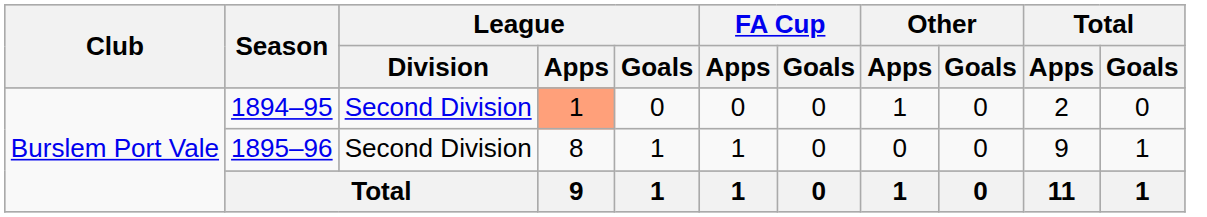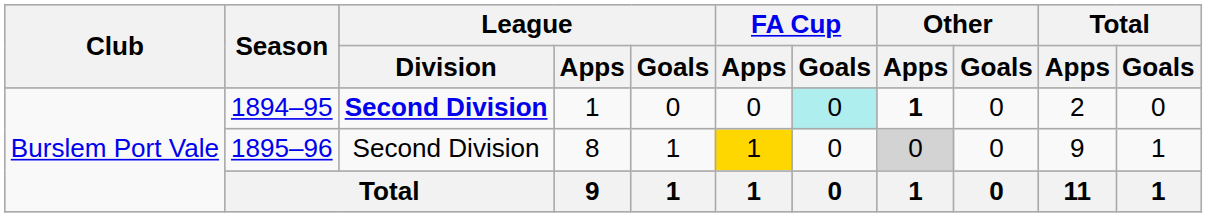 <table class="wikitable" style="text-align:center">
 <tr>
 <th rowspan="2">Club</th>
 <th rowspan="2">Season</th>
 <th colspan="3">League</th>
 <th colspan="2"><a href='#'>FA Cup</a></th>
 <th colspan="2">Other</th>
 <th colspan="2">Total</th>
 </tr>
 <tr>
 <th>Division</th>
 <th>Apps</th>
 <th>Goals</th>
 <th>Apps</th>
 <th>Goals</th>
 <th>Apps</th>
 <th>Goals</th>
 <th>Apps</th>
 <th>Goals</th>
 </tr>
 <tr>
 <td rowspan="3"><a href='#'>Burslem Port Vale</a></td>
 <td><a href='#'>1894–95</a></td>
-<td><a href='#'>Second Division</a></td>
-<td style="background: lightsalmon;">1</td>
+<td><strong><a href='#'>Second Division</a></strong></td>
+<td>1</td>
 <td>0</td>
 <td>0</td>
-<td>0</td>
-<td>1</td>
+<td style="background: paleturquoise;">0</td>
+<td><strong>1</strong></td>
 <td>0</td>
 <td>2</td>
 <td>0</td>
 </tr>
 <tr>
 <td><a href='#'>1895–96</a></td>
 <td>Second Division</td>
 <td>8</td>
 <td>1</td>
-<td>1</td>
+<td style="background: gold;">1</td>
 <td>0</td>
-<td>0</td>
+<td style="background: lightgrey;">0</td>
 <td>0</td>
 <td>9</td>
 <td>1</td>
 </tr>
 <tr>
 <th colspan="2">Total</th>
 <th>9</th>
 <th>1</th>
 <th>1</th>
 <th>0</th>
 <th>1</th>
 <th>0</th>
 <th>11</th>
 <th>1</th>
 </tr>
 </table>
